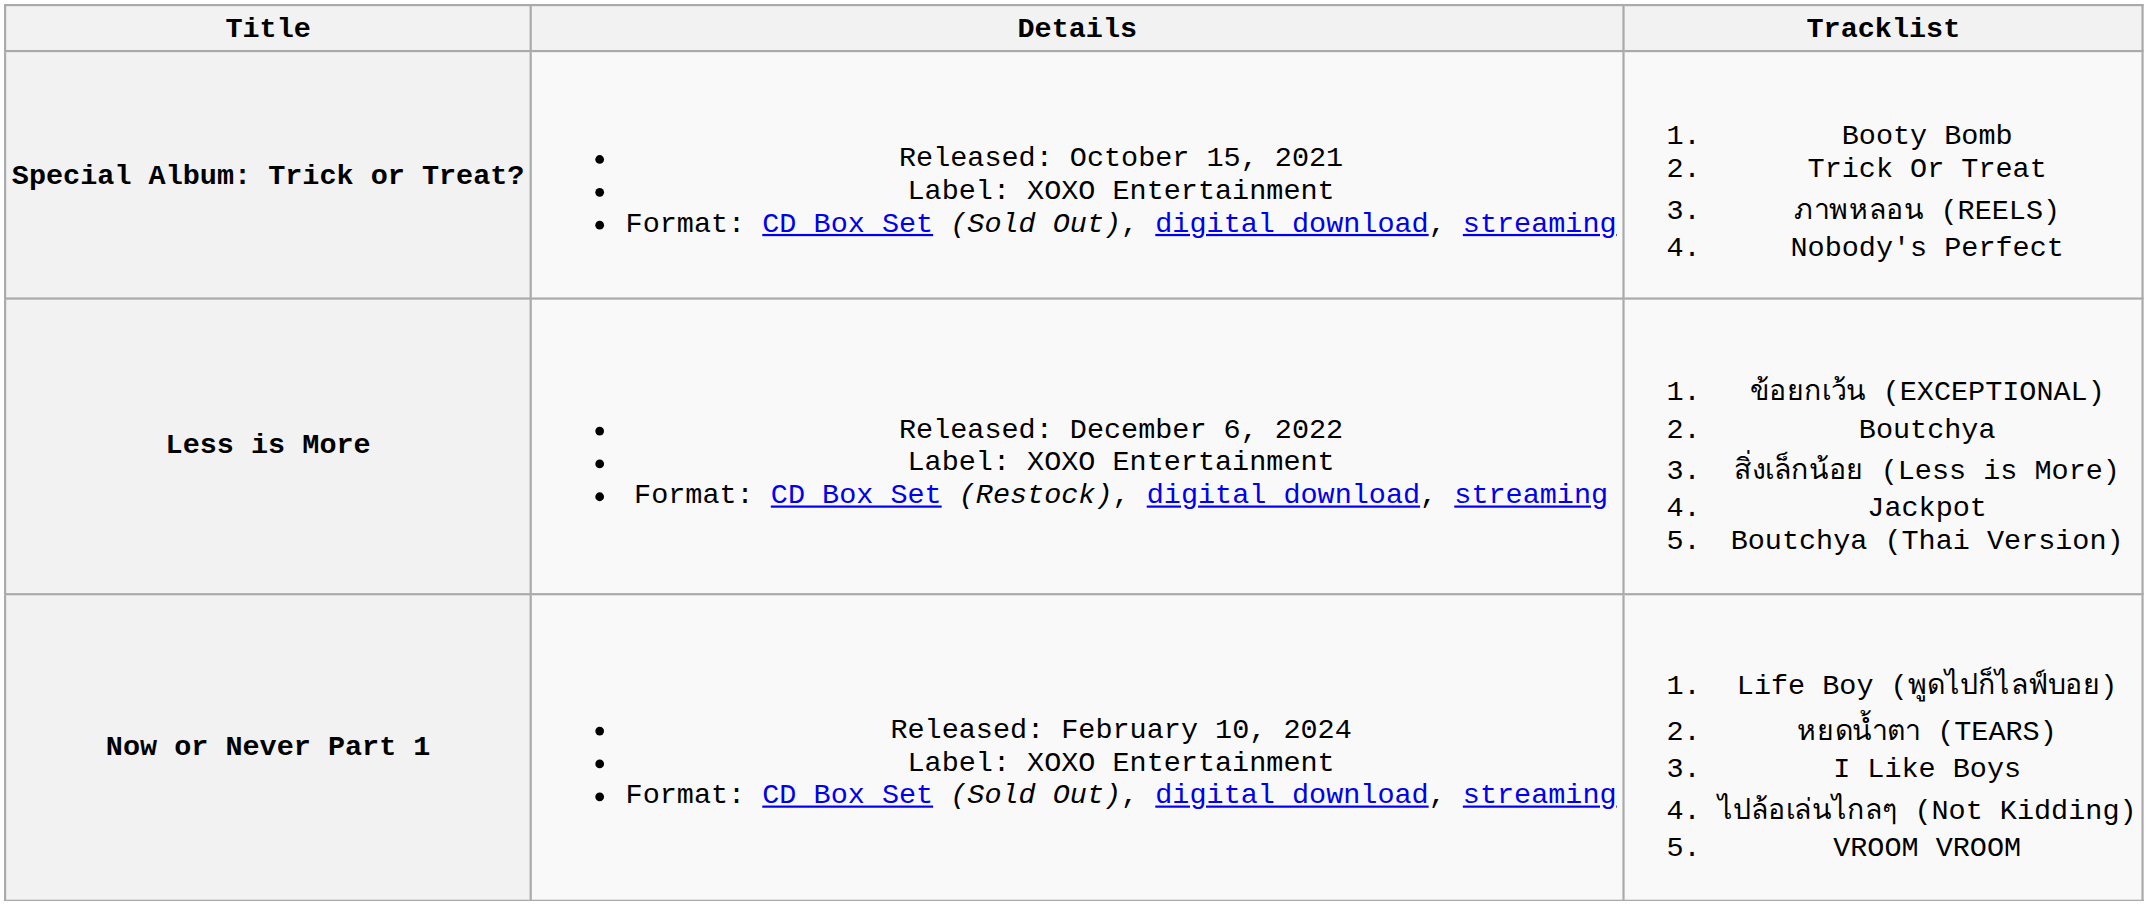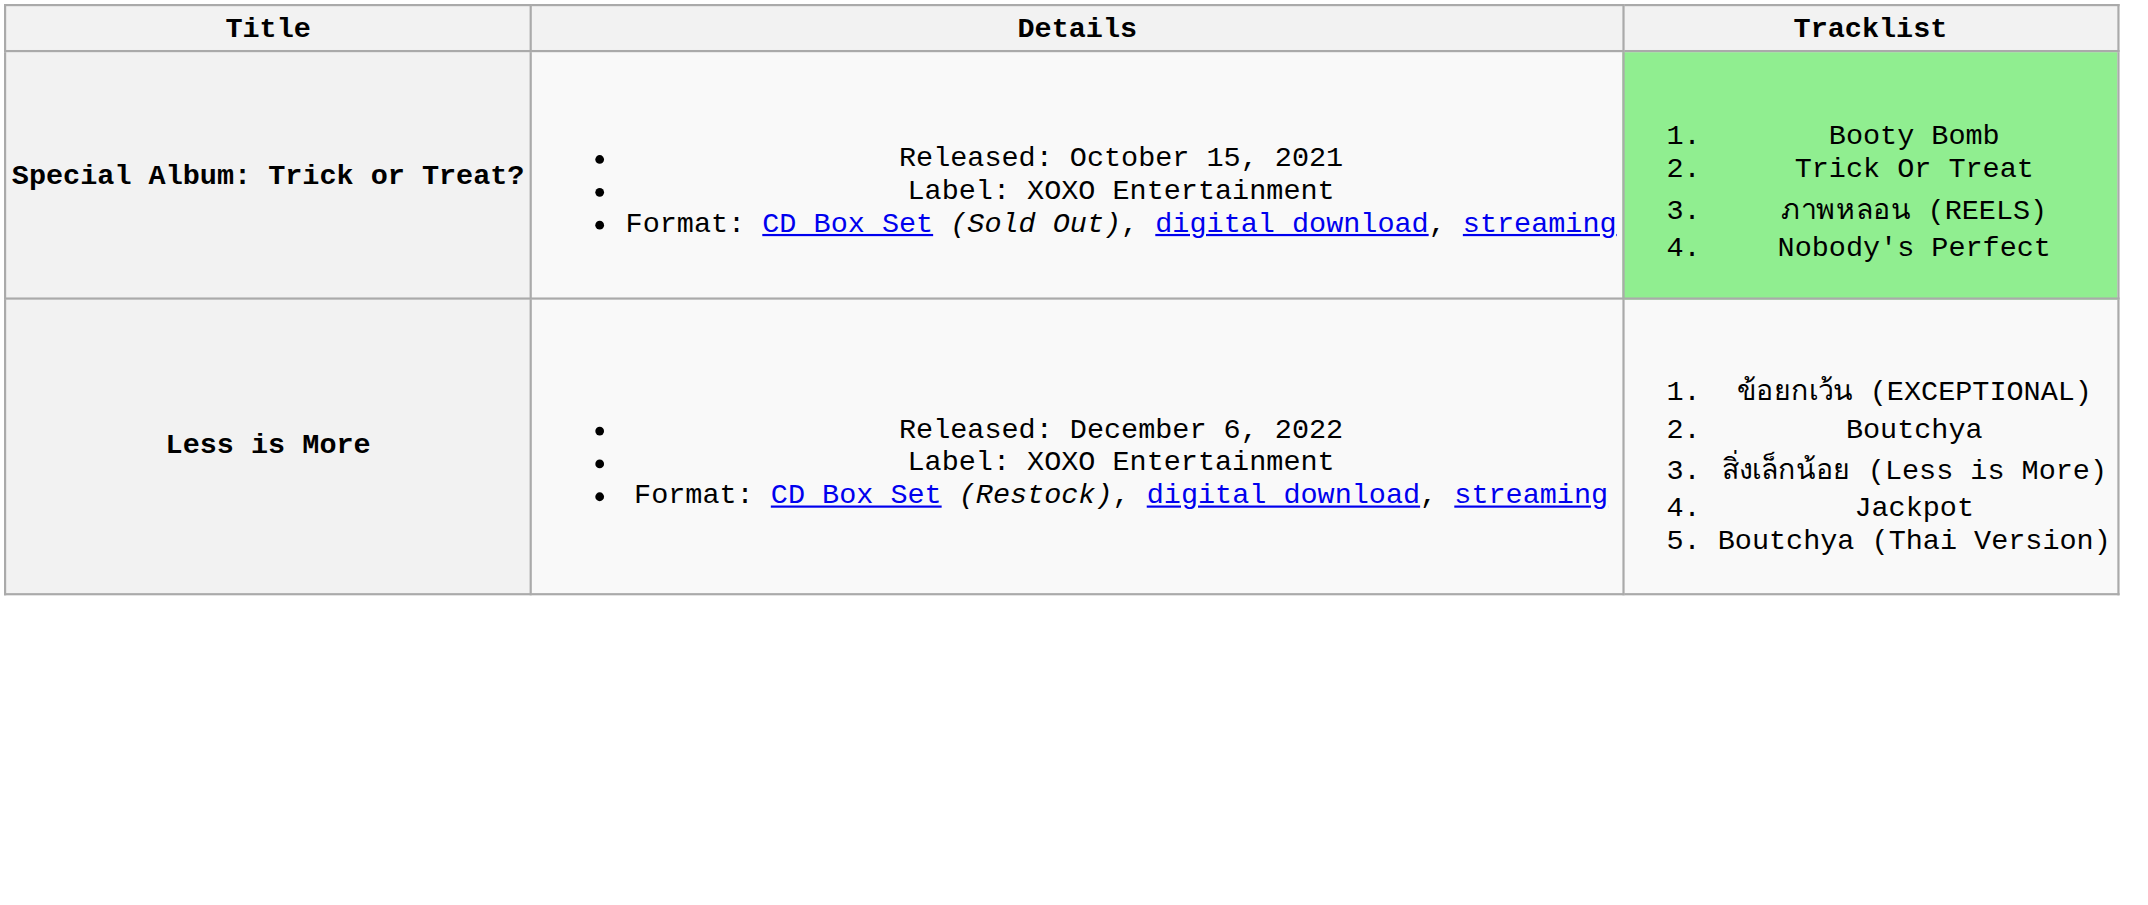 <table class="wikitable plainrowheaders" style="text-align:center;">
 <tr>
 <th scope="col">Title</th>
 <th scope="col">Details</th>
 <th>Tracklist</th>
 </tr>
 <tr>
 <th scope="row"><strong>Special Album: Trick or Treat?</strong></th>
 <td><br><ul><li>Released: October 15, 2021</li><li>Label: XOXO Entertainment</li><li>Format: <a href='#'>CD Box Set</a> <em>(Sold Out)</em>, <a href='#'>digital download</a>, <a href='#'>streaming</a></li></ul></td>
-<td><br><ol><li>Booty Bomb</li><li>Trick Or Treat</li><li>ภาพหลอน (REELS)</li><li>Nobody's Perfect</li></ol></td>
+<td style="background: lightgreen;"><br><ol><li>Booty Bomb</li><li>Trick Or Treat</li><li>ภาพหลอน (REELS)</li><li>Nobody's Perfect</li></ol></td>
 </tr>
 <tr>
 <th scope="row"><strong>Less is More</strong></th>
 <td><br><ul><li>Released: December 6, 2022</li><li>Label: XOXO Entertainment</li><li>Format: <a href='#'>CD Box Set</a> <em>(Restock)</em>, <a href='#'>digital download</a>, <a href='#'>streaming</a></li></ul></td>
 <td><br><ol><li>ข้อยกเว้น (EXCEPTIONAL)</li><li>Boutchya</li><li>สิ่งเล็กน้อย (Less is More)</li><li>Jackpot</li><li>Boutchya (Thai Version)</li></ol></td>
 </tr>
-<tr>
-<th scope="row"><strong>Now or Never Part 1</strong></th>
-<td><br><ul><li>Released: February 10, 2024</li><li>Label: XOXO Entertainment</li><li>Format: <a href='#'>CD Box Set</a> <em>(Sold Out)</em>, <a href='#'>digital download</a>, <a href='#'>streaming</a></li></ul></td>
-<td><br><ol><li>Life Boy (พูดไปก็ไลฟ์บอย)</li><li>หยดน้ำตา (TEARS)</li><li>I Like Boys</li><li>ไปล้อเล่นไกลๆ (Not Kidding)</li><li>VROOM VROOM</li></ol></td>
-</tr>
 </table>
